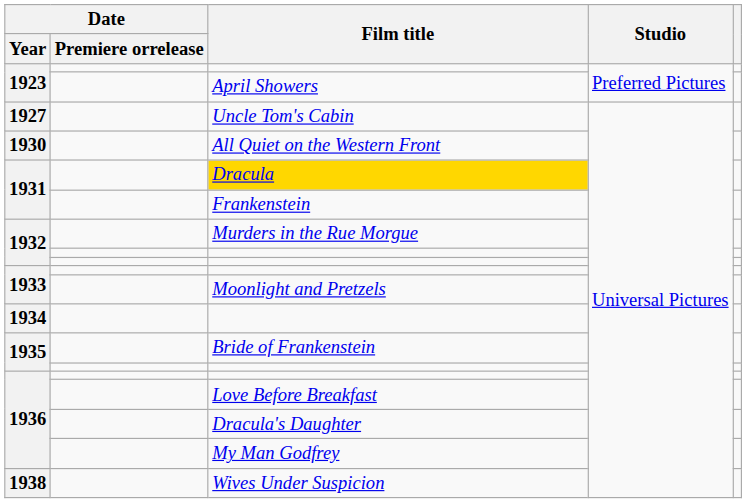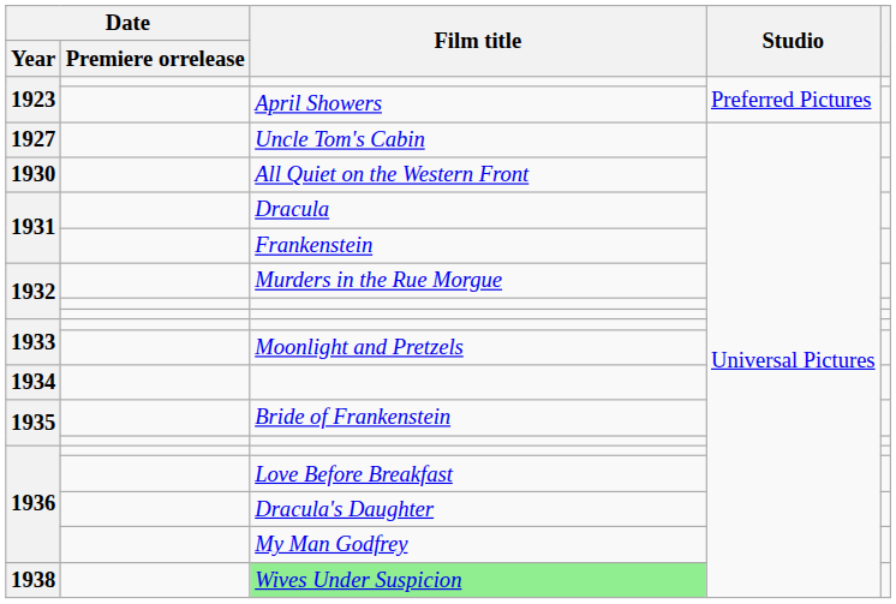 <table class="wikitable sortable mw-collapsible" style="border-spacing: 0; margin: 1em auto;">
 <tr>
 <th scope="col" class="unsortable" colspan="2">Date</th>
 <th scope="col" rowspan="2" style="width:20em;">Film title</th>
 <th scope="col" rowspan="2">Studio</th>
 <th scope="col" class="unsortable"  rowspan="2"></th>
 </tr>
 <tr>
 <th scope="col">Year</th>
 <th scope="col">Premiere orrelease</th>
 </tr>
 <tr>
 <th style="text-align:center;" rowspan="2">1923</th>
 <td style="text-align:center;"></td>
 <td></td>
 <td rowspan="2"><a href='#'>Preferred Pictures</a></td>
 <td style="text-align:center;"></td>
 </tr>
 <tr>
 <td style="text-align:center;"></td>
 <td><em><a href='#'>April Showers</a></em></td>
 <td style="text-align:center;"></td>
 </tr>
 <tr>
 <th style="text-align:center;">1927</th>
 <td style="text-align:center;"></td>
 <td><em><a href='#'>Uncle Tom's Cabin</a></em></td>
 <td rowspan="17"><a href='#'>Universal Pictures</a></td>
 <td style="text-align:center;"></td>
 </tr>
 <tr>
 <th style="text-align:center;">1930</th>
 <td style="text-align:center;"></td>
 <td><em><a href='#'>All Quiet on the Western Front</a></em></td>
 <td style="text-align:center;"></td>
 </tr>
 <tr>
 <th style="text-align:center;" rowspan="2">1931</th>
 <td style="text-align:center;"></td>
-<td style="background: gold;"><em><a href='#'>Dracula</a></em></td>
+<td><em><a href='#'>Dracula</a></em></td>
 <td style="text-align:center;"></td>
 </tr>
 <tr>
 <td style="text-align:center;"></td>
 <td><em><a href='#'>Frankenstein</a></em></td>
 <td style="text-align:center;"></td>
 </tr>
 <tr>
 <th style="text-align:center;" rowspan="3">1932</th>
 <td style="text-align:center;"></td>
 <td><em><a href='#'>Murders in the Rue Morgue</a></em></td>
 <td style="text-align:center;"></td>
 </tr>
 <tr>
 <td style="text-align:center;"></td>
 <td></td>
 <td style="text-align:center;"></td>
 </tr>
 <tr>
 <td style="text-align:center;"></td>
 <td></td>
 <td style="text-align:center;"></td>
 </tr>
 <tr>
 <th style="text-align:center;" rowspan="2">1933</th>
 <td style="text-align:center;"></td>
 <td></td>
 <td style="text-align:center;"></td>
 </tr>
 <tr>
 <td style="text-align:center;"></td>
 <td><em><a href='#'>Moonlight and Pretzels</a></em></td>
 <td style="text-align:center;"></td>
 </tr>
 <tr>
 <th style="text-align:center;">1934</th>
 <td style="text-align:center;"></td>
 <td></td>
 <td style="text-align:center;"></td>
 </tr>
 <tr>
 <th style="text-align:center;" rowspan="2">1935</th>
 <td style="text-align:center;"></td>
 <td><em><a href='#'>Bride of Frankenstein</a></em></td>
 <td style="text-align:center;"></td>
 </tr>
 <tr>
 <td style="text-align:center;"></td>
 <td></td>
 <td style="text-align:center;"></td>
 </tr>
 <tr>
 <th style="text-align:center;" rowspan="4">1936</th>
 <td style="text-align:center;"></td>
 <td></td>
 <td style="text-align:center;"></td>
 </tr>
 <tr>
 <td style="text-align:center;"></td>
 <td><em><a href='#'>Love Before Breakfast</a></em></td>
 <td style="text-align:center;"></td>
 </tr>
 <tr>
 <td style="text-align:center;"></td>
 <td><em><a href='#'>Dracula's Daughter</a></em></td>
 <td style="text-align:center;"></td>
 </tr>
 <tr>
 <td style="text-align:center;"></td>
 <td><em><a href='#'>My Man Godfrey</a></em></td>
 <td style="text-align:center;"></td>
 </tr>
 <tr>
 <th style="text-align:center;">1938</th>
 <td style="text-align:center;"></td>
-<td><em><a href='#'>Wives Under Suspicion</a></em></td>
+<td style="background: lightgreen;"><em><a href='#'>Wives Under Suspicion</a></em></td>
 <td style="text-align:center;"></td>
 </tr>
 </table>
